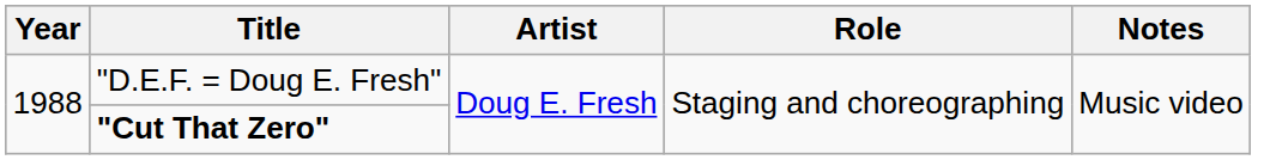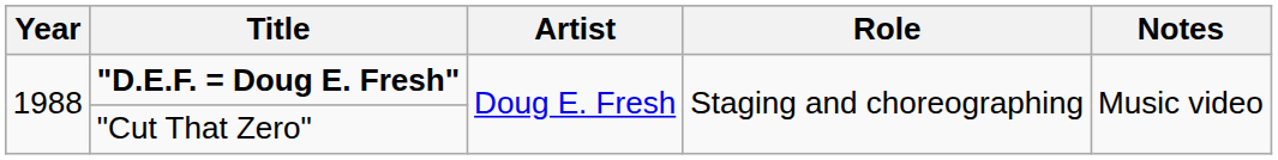 <table class="wikitable">
 <tr>
 <th>Year</th>
 <th>Title</th>
 <th>Artist</th>
 <th>Role</th>
 <th>Notes</th>
 </tr>
 <tr>
 <td rowspan="2">1988</td>
-<td>"D.E.F. = Doug E. Fresh"</td>
+<td><strong>"D.E.F. = Doug E. Fresh"</strong></td>
 <td rowspan="2"><a href='#'>Doug E. Fresh</a></td>
 <td rowspan="2">Staging and choreographing</td>
 <td rowspan="2">Music video</td>
 </tr>
 <tr>
-<td><strong>"Cut That Zero"</strong></td>
+<td>"Cut That Zero"</td>
 </tr>
 </table>
